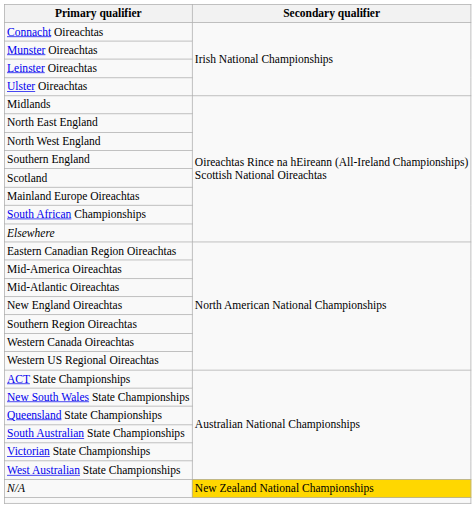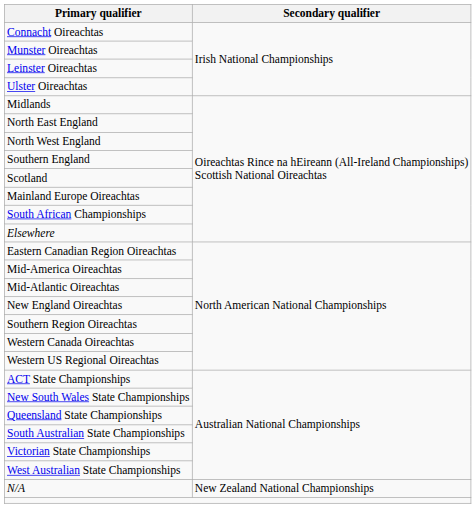 <table class="wikitable">
 <tr>
 <th>Primary qualifier</th>
 <th>Secondary qualifier</th>
 </tr>
 <tr>
 <td><a href='#'>Connacht</a> Oireachtas</td>
 <td rowspan="4">Irish National Championships</td>
 </tr>
 <tr>
 <td><a href='#'>Munster</a> Oireachtas</td>
 </tr>
 <tr>
 <td><a href='#'>Leinster</a> Oireachtas</td>
 </tr>
 <tr>
 <td><a href='#'>Ulster</a> Oireachtas</td>
 </tr>
 <tr>
 <td>Midlands</td>
 <td rowspan="8">Oireachtas Rince na hEireann (All-Ireland Championships)<br>Scottish National Oireachtas</td>
 </tr>
 <tr>
 <td>North East England</td>
 </tr>
 <tr>
 <td>North West England</td>
 </tr>
 <tr>
 <td>Southern England</td>
 </tr>
 <tr>
 <td>Scotland</td>
 </tr>
 <tr>
 <td>Mainland Europe Oireachtas</td>
 </tr>
 <tr>
 <td><a href='#'>South African</a> Championships</td>
 </tr>
 <tr>
 <td style="font-style: italic;">Elsewhere</td>
 </tr>
 <tr>
 <td>Eastern Canadian Region Oireachtas</td>
 <td rowspan="7">North American National Championships</td>
 </tr>
 <tr>
 <td>Mid-America Oireachtas</td>
 </tr>
 <tr>
 <td>Mid-Atlantic Oireachtas</td>
 </tr>
 <tr>
 <td>New England Oireachtas</td>
 </tr>
 <tr>
 <td>Southern Region Oireachtas</td>
 </tr>
 <tr>
 <td>Western Canada Oireachtas</td>
 </tr>
 <tr>
 <td>Western US Regional Oireachtas</td>
 </tr>
 <tr>
 <td><a href='#'>ACT</a> State Championships</td>
 <td rowspan="6">Australian National Championships</td>
 </tr>
 <tr>
 <td><a href='#'>New South Wales</a> State Championships</td>
 </tr>
 <tr>
 <td><a href='#'>Queensland</a> State Championships</td>
 </tr>
 <tr>
 <td><a href='#'>South Australian</a> State Championships</td>
 </tr>
 <tr>
 <td><a href='#'>Victorian</a> State Championships</td>
 </tr>
 <tr>
 <td><a href='#'>West Australian</a> State Championships</td>
 </tr>
 <tr>
 <td><em>N/A</em></td>
-<td style="background: gold;">New Zealand National Championships</td>
+<td>New Zealand National Championships</td>
 </tr>
 <tr>
 <td colspan="2"></td>
 </tr>
 </table>
